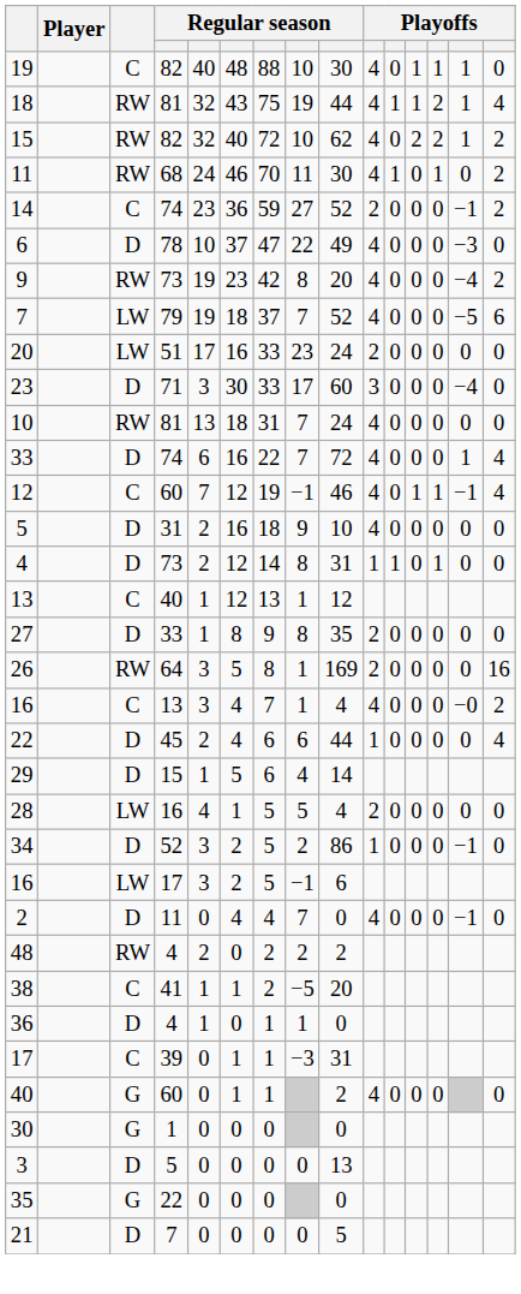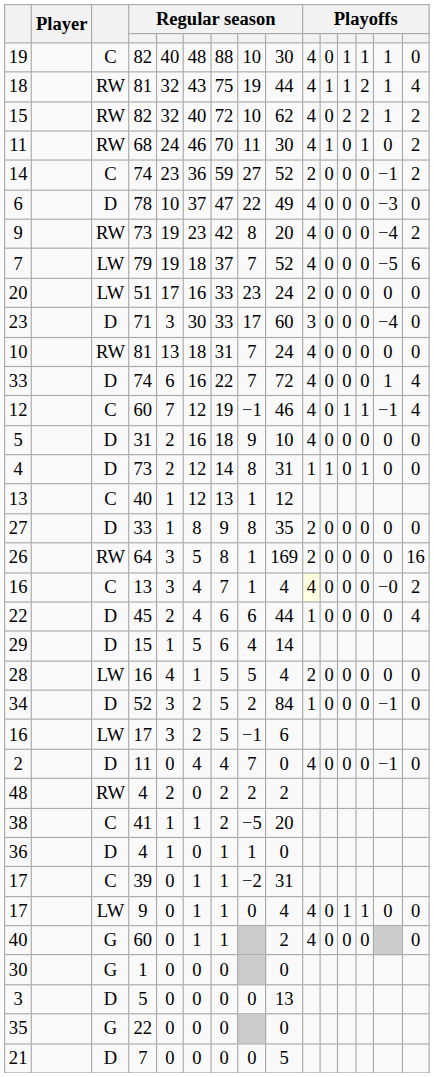 <table class="wikitable sortable plainrowheaders" style="text-align:center;">
 <tr>
 <th scope="col" data-sort-type="number" rowspan="2"></th>
 <th scope="col" rowspan="2">Player</th>
 <th scope="col" rowspan="2"></th>
 <th scope=colgroup colspan=6>Regular season</th>
 <th scope=colgroup colspan=6>Playoffs</th>
 </tr>
 <tr>
 <th scope="col" data-sort-type="number"></th>
 <th scope="col" data-sort-type="number"></th>
 <th scope="col" data-sort-type="number"></th>
 <th scope="col" data-sort-type="number"></th>
 <th scope="col" data-sort-type="number"></th>
 <th scope="col" data-sort-type="number"></th>
 <th scope="col" data-sort-type="number"></th>
 <th scope="col" data-sort-type="number"></th>
 <th scope="col" data-sort-type="number"></th>
 <th scope="col" data-sort-type="number"></th>
 <th scope="col" data-sort-type="number"></th>
 <th scope="col" data-sort-type="number"></th>
 </tr>
 <tr>
 <td scope="row">19</td>
 <td align="left"></td>
 <td>C</td>
 <td>82</td>
 <td>40</td>
 <td>48</td>
 <td>88</td>
 <td>10</td>
 <td>30</td>
 <td>4</td>
 <td>0</td>
 <td>1</td>
 <td>1</td>
 <td>1</td>
 <td>0</td>
 </tr>
 <tr>
 <td scope="row">18</td>
 <td align="left"></td>
 <td>RW</td>
 <td>81</td>
 <td>32</td>
 <td>43</td>
 <td>75</td>
 <td>19</td>
 <td>44</td>
 <td>4</td>
 <td>1</td>
 <td>1</td>
 <td>2</td>
 <td>1</td>
 <td>4</td>
 </tr>
 <tr>
 <td scope="row">15</td>
 <td align="left"></td>
 <td>RW</td>
 <td>82</td>
 <td>32</td>
 <td>40</td>
 <td>72</td>
 <td>10</td>
 <td>62</td>
 <td>4</td>
 <td>0</td>
 <td>2</td>
 <td>2</td>
 <td>1</td>
 <td>2</td>
 </tr>
 <tr>
 <td scope="row">11</td>
 <td align="left"></td>
 <td>RW</td>
 <td>68</td>
 <td>24</td>
 <td>46</td>
 <td>70</td>
 <td>11</td>
 <td>30</td>
 <td>4</td>
 <td>1</td>
 <td>0</td>
 <td>1</td>
 <td>0</td>
 <td>2</td>
 </tr>
 <tr>
 <td scope="row">14</td>
 <td align="left"></td>
 <td>C</td>
 <td>74</td>
 <td>23</td>
 <td>36</td>
 <td>59</td>
 <td>27</td>
 <td>52</td>
 <td>2</td>
 <td>0</td>
 <td>0</td>
 <td>0</td>
 <td>−1</td>
 <td>2</td>
 </tr>
 <tr>
 <td scope="row">6</td>
 <td align="left"></td>
 <td>D</td>
 <td>78</td>
 <td>10</td>
 <td>37</td>
 <td>47</td>
 <td>22</td>
 <td>49</td>
 <td>4</td>
 <td>0</td>
 <td>0</td>
 <td>0</td>
 <td>−3</td>
 <td>0</td>
 </tr>
 <tr>
 <td scope="row">9</td>
 <td align="left"></td>
 <td>RW</td>
 <td>73</td>
 <td>19</td>
 <td>23</td>
 <td>42</td>
 <td>8</td>
 <td>20</td>
 <td>4</td>
 <td>0</td>
 <td>0</td>
 <td>0</td>
 <td>−4</td>
 <td>2</td>
 </tr>
 <tr>
 <td scope="row">7</td>
 <td align="left"></td>
 <td>LW</td>
 <td>79</td>
 <td>19</td>
 <td>18</td>
 <td>37</td>
 <td>7</td>
 <td>52</td>
 <td>4</td>
 <td>0</td>
 <td>0</td>
 <td>0</td>
 <td>−5</td>
 <td>6</td>
 </tr>
 <tr>
 <td scope="row">20</td>
 <td align="left"></td>
 <td>LW</td>
 <td>51</td>
 <td>17</td>
 <td>16</td>
 <td>33</td>
 <td>23</td>
 <td>24</td>
 <td>2</td>
 <td>0</td>
 <td>0</td>
 <td>0</td>
 <td>0</td>
 <td>0</td>
 </tr>
 <tr>
 <td scope="row">23</td>
 <td align="left"></td>
 <td>D</td>
 <td>71</td>
 <td>3</td>
 <td>30</td>
 <td>33</td>
 <td>17</td>
 <td>60</td>
 <td>3</td>
 <td>0</td>
 <td>0</td>
 <td>0</td>
 <td>−4</td>
 <td>0</td>
 </tr>
 <tr>
 <td scope="row">10</td>
 <td align="left"></td>
 <td>RW</td>
 <td>81</td>
 <td>13</td>
 <td>18</td>
 <td>31</td>
 <td>7</td>
 <td>24</td>
 <td>4</td>
 <td>0</td>
 <td>0</td>
 <td>0</td>
 <td>0</td>
 <td>0</td>
 </tr>
 <tr>
 <td scope="row">33</td>
 <td align="left"></td>
 <td>D</td>
 <td>74</td>
 <td>6</td>
 <td>16</td>
 <td>22</td>
 <td>7</td>
 <td>72</td>
 <td>4</td>
 <td>0</td>
 <td>0</td>
 <td>0</td>
 <td>1</td>
 <td>4</td>
 </tr>
 <tr>
 <td scope="row">12</td>
 <td align="left"></td>
 <td>C</td>
 <td>60</td>
 <td>7</td>
 <td>12</td>
 <td>19</td>
 <td>−1</td>
 <td>46</td>
 <td>4</td>
 <td>0</td>
 <td>1</td>
 <td>1</td>
 <td>−1</td>
 <td>4</td>
 </tr>
 <tr>
 <td scope="row">5</td>
 <td align="left"></td>
 <td>D</td>
 <td>31</td>
 <td>2</td>
 <td>16</td>
 <td>18</td>
 <td>9</td>
 <td>10</td>
 <td>4</td>
 <td>0</td>
 <td>0</td>
 <td>0</td>
 <td>0</td>
 <td>0</td>
 </tr>
 <tr>
 <td scope="row">4</td>
 <td align="left"></td>
 <td>D</td>
 <td>73</td>
 <td>2</td>
 <td>12</td>
 <td>14</td>
 <td>8</td>
 <td>31</td>
 <td>1</td>
 <td>1</td>
 <td>0</td>
 <td>1</td>
 <td>0</td>
 <td>0</td>
 </tr>
 <tr>
 <td scope="row">13</td>
 <td align="left"></td>
 <td>C</td>
 <td>40</td>
 <td>1</td>
 <td>12</td>
 <td>13</td>
 <td>1</td>
 <td>12</td>
 <td></td>
 <td></td>
 <td></td>
 <td></td>
 <td></td>
 <td></td>
 </tr>
 <tr>
 <td scope="row">27</td>
 <td align="left"></td>
 <td>D</td>
 <td>33</td>
 <td>1</td>
 <td>8</td>
 <td>9</td>
 <td>8</td>
 <td>35</td>
 <td>2</td>
 <td>0</td>
 <td>0</td>
 <td>0</td>
 <td>0</td>
 <td>0</td>
 </tr>
 <tr>
 <td scope="row">26</td>
 <td align="left"></td>
 <td>RW</td>
 <td>64</td>
 <td>3</td>
 <td>5</td>
 <td>8</td>
 <td>1</td>
 <td>169</td>
 <td>2</td>
 <td>0</td>
 <td>0</td>
 <td>0</td>
 <td>0</td>
 <td>16</td>
 </tr>
 <tr>
 <td scope="row">16</td>
 <td align="left"></td>
 <td>C</td>
 <td>13</td>
 <td>3</td>
 <td>4</td>
 <td>7</td>
 <td>1</td>
 <td>4</td>
-<td>4</td>
+<td style="background: lightyellow;">4</td>
 <td>0</td>
 <td>0</td>
 <td>0</td>
 <td>−0</td>
 <td>2</td>
 </tr>
 <tr>
 <td scope="row">22</td>
 <td align="left"></td>
 <td>D</td>
 <td>45</td>
 <td>2</td>
 <td>4</td>
 <td>6</td>
 <td>6</td>
 <td>44</td>
 <td>1</td>
 <td>0</td>
 <td>0</td>
 <td>0</td>
 <td>0</td>
 <td>4</td>
 </tr>
 <tr>
 <td scope="row">29</td>
 <td align="left"></td>
 <td>D</td>
 <td>15</td>
 <td>1</td>
 <td>5</td>
 <td>6</td>
 <td>4</td>
 <td>14</td>
 <td></td>
 <td></td>
 <td></td>
 <td></td>
 <td></td>
 <td></td>
 </tr>
 <tr>
 <td scope="row">28</td>
 <td align="left"></td>
 <td>LW</td>
 <td>16</td>
 <td>4</td>
 <td>1</td>
 <td>5</td>
 <td>5</td>
 <td>4</td>
 <td>2</td>
 <td>0</td>
 <td>0</td>
 <td>0</td>
 <td>0</td>
 <td>0</td>
 </tr>
 <tr>
 <td scope="row">34</td>
 <td align="left"></td>
 <td>D</td>
 <td>52</td>
 <td>3</td>
 <td>2</td>
 <td>5</td>
 <td>2</td>
-<td>86</td>
+<td>84</td>
 <td>1</td>
 <td>0</td>
 <td>0</td>
 <td>0</td>
 <td>−1</td>
 <td>0</td>
 </tr>
 <tr>
 <td scope="row">16</td>
 <td align="left"></td>
 <td>LW</td>
 <td>17</td>
 <td>3</td>
 <td>2</td>
 <td>5</td>
 <td>−1</td>
 <td>6</td>
 <td></td>
 <td></td>
 <td></td>
 <td></td>
 <td></td>
 <td></td>
 </tr>
 <tr>
 <td scope="row">2</td>
 <td align="left"></td>
 <td>D</td>
 <td>11</td>
 <td>0</td>
 <td>4</td>
 <td>4</td>
 <td>7</td>
 <td>0</td>
 <td>4</td>
 <td>0</td>
 <td>0</td>
 <td>0</td>
 <td>−1</td>
 <td>0</td>
 </tr>
 <tr>
 <td scope="row">48</td>
 <td align="left"></td>
 <td>RW</td>
 <td>4</td>
 <td>2</td>
 <td>0</td>
 <td>2</td>
 <td>2</td>
 <td>2</td>
 <td></td>
 <td></td>
 <td></td>
 <td></td>
 <td></td>
 <td></td>
 </tr>
 <tr>
 <td scope="row">38</td>
 <td align="left"></td>
 <td>C</td>
 <td>41</td>
 <td>1</td>
 <td>1</td>
 <td>2</td>
 <td>−5</td>
 <td>20</td>
 <td></td>
 <td></td>
 <td></td>
 <td></td>
 <td></td>
 <td></td>
 </tr>
 <tr>
 <td scope="row">36</td>
 <td align="left"></td>
 <td>D</td>
 <td>4</td>
 <td>1</td>
 <td>0</td>
 <td>1</td>
 <td>1</td>
 <td>0</td>
 <td></td>
 <td></td>
 <td></td>
 <td></td>
 <td></td>
 <td></td>
 </tr>
 <tr>
 <td scope="row">17</td>
 <td align="left"></td>
 <td>C</td>
 <td>39</td>
 <td>0</td>
 <td>1</td>
 <td>1</td>
-<td>−3</td>
+<td>−2</td>
 <td>31</td>
 <td></td>
 <td></td>
 <td></td>
 <td></td>
 <td></td>
 <td></td>
+</tr>
+<tr>
+<td scope="row">17</td>
+<td align="left"></td>
+<td>LW</td>
+<td>9</td>
+<td>0</td>
+<td>1</td>
+<td>1</td>
+<td>0</td>
+<td>4</td>
+<td>4</td>
+<td>0</td>
+<td>1</td>
+<td>1</td>
+<td>0</td>
+<td>0</td>
 </tr>
 <tr>
 <td scope="row">40</td>
 <td align="left"></td>
 <td>G</td>
 <td>60</td>
 <td>0</td>
 <td>1</td>
 <td>1</td>
 <td style="background:#ccc"></td>
 <td>2</td>
 <td>4</td>
 <td>0</td>
 <td>0</td>
 <td>0</td>
 <td style="background:#ccc"></td>
 <td>0</td>
 </tr>
 <tr>
 <td scope="row">30</td>
 <td align="left"></td>
 <td>G</td>
 <td>1</td>
 <td>0</td>
 <td>0</td>
 <td>0</td>
 <td style="background:#ccc"></td>
 <td>0</td>
 <td></td>
 <td></td>
 <td></td>
 <td></td>
 <td></td>
 <td></td>
 </tr>
 <tr>
 <td scope="row">3</td>
 <td align="left"></td>
 <td>D</td>
 <td>5</td>
 <td>0</td>
 <td>0</td>
 <td>0</td>
 <td>0</td>
 <td>13</td>
 <td></td>
 <td></td>
 <td></td>
 <td></td>
 <td></td>
 <td></td>
 </tr>
 <tr>
 <td scope="row">35</td>
 <td align="left"></td>
 <td>G</td>
 <td>22</td>
 <td>0</td>
 <td>0</td>
 <td>0</td>
 <td style="background:#ccc"></td>
 <td>0</td>
 <td></td>
 <td></td>
 <td></td>
 <td></td>
 <td></td>
 <td></td>
 </tr>
 <tr>
 <td scope="row">21</td>
 <td align="left"></td>
 <td>D</td>
 <td>7</td>
 <td>0</td>
 <td>0</td>
 <td>0</td>
 <td>0</td>
 <td>5</td>
 <td></td>
 <td></td>
 <td></td>
 <td></td>
 <td></td>
 <td></td>
 </tr>
 </table>
